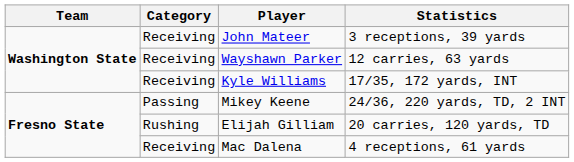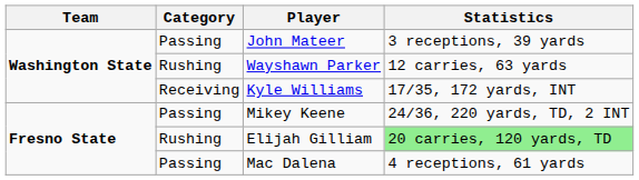 <table class="wikitable" style="float: right;">
 <tr>
 <th>Team</th>
 <th>Category</th>
 <th>Player</th>
 <th>Statistics</th>
 </tr>
 <tr>
 <td rowspan=3><strong>Washington State</strong></td>
-<td>Receiving</td>
+<td>Passing</td>
 <td><a href='#'>John Mateer</a></td>
 <td>3 receptions, 39 yards</td>
 </tr>
 <tr>
-<td>Receiving</td>
+<td>Rushing</td>
 <td><a href='#'>Wayshawn Parker</a></td>
 <td>12 carries, 63 yards</td>
 </tr>
 <tr>
 <td>Receiving</td>
 <td><a href='#'>Kyle Williams</a></td>
 <td>17/35, 172 yards, INT</td>
 </tr>
 <tr>
 <td rowspan=3><strong>Fresno State</strong></td>
 <td>Passing</td>
 <td>Mikey Keene</td>
 <td>24/36, 220 yards, TD, 2 INT</td>
 </tr>
 <tr>
 <td>Rushing</td>
 <td>Elijah Gilliam</td>
-<td>20 carries, 120 yards, TD</td>
+<td style="background: lightgreen;">20 carries, 120 yards, TD</td>
 </tr>
 <tr>
-<td>Receiving</td>
+<td>Passing</td>
 <td>Mac Dalena</td>
 <td>4 receptions, 61 yards</td>
 </tr>
 </table>
